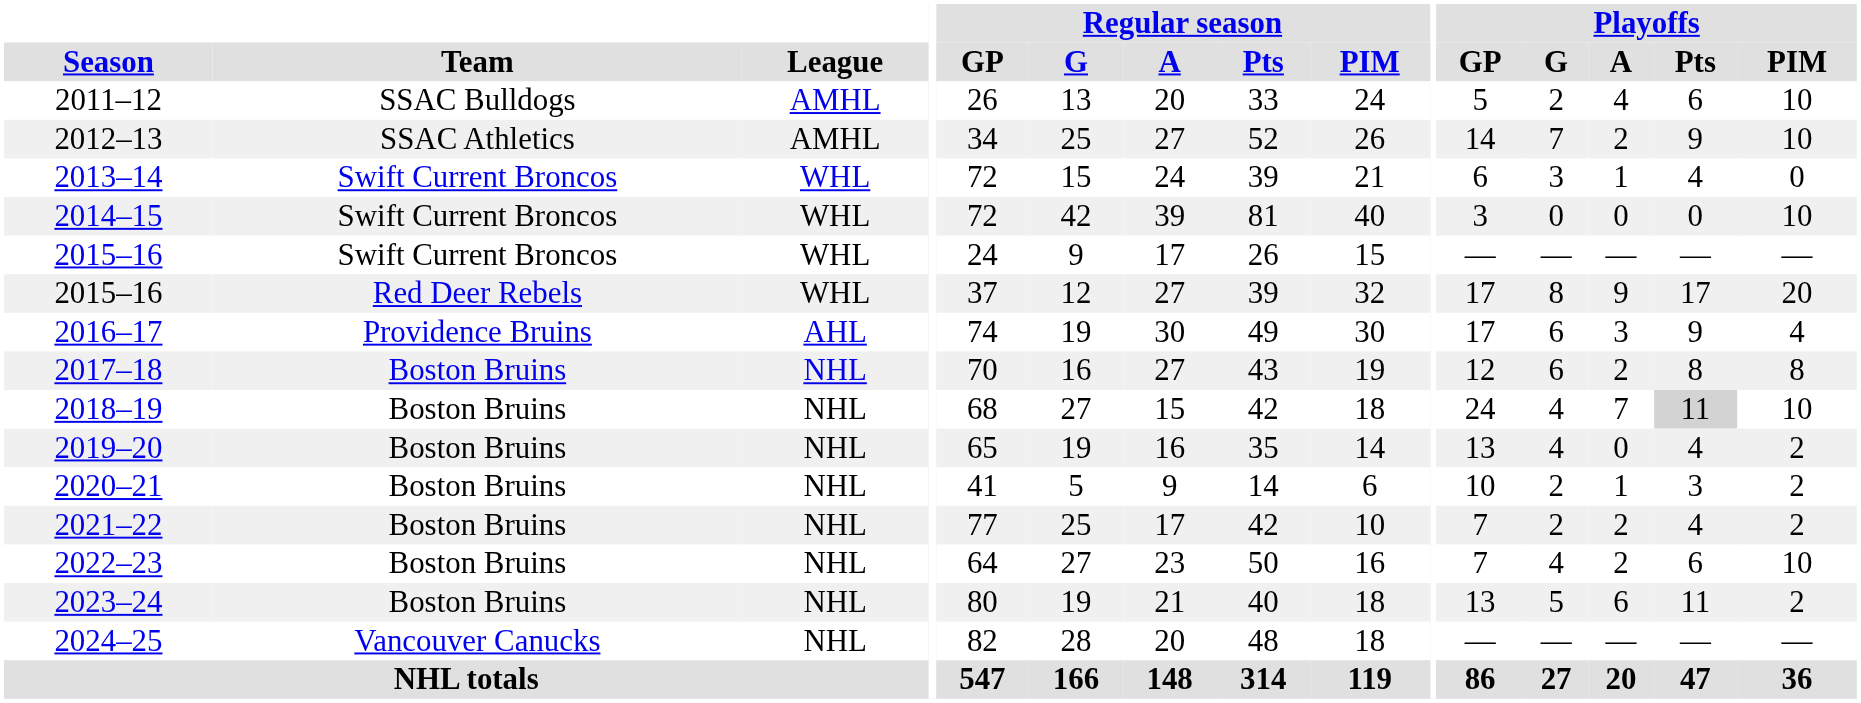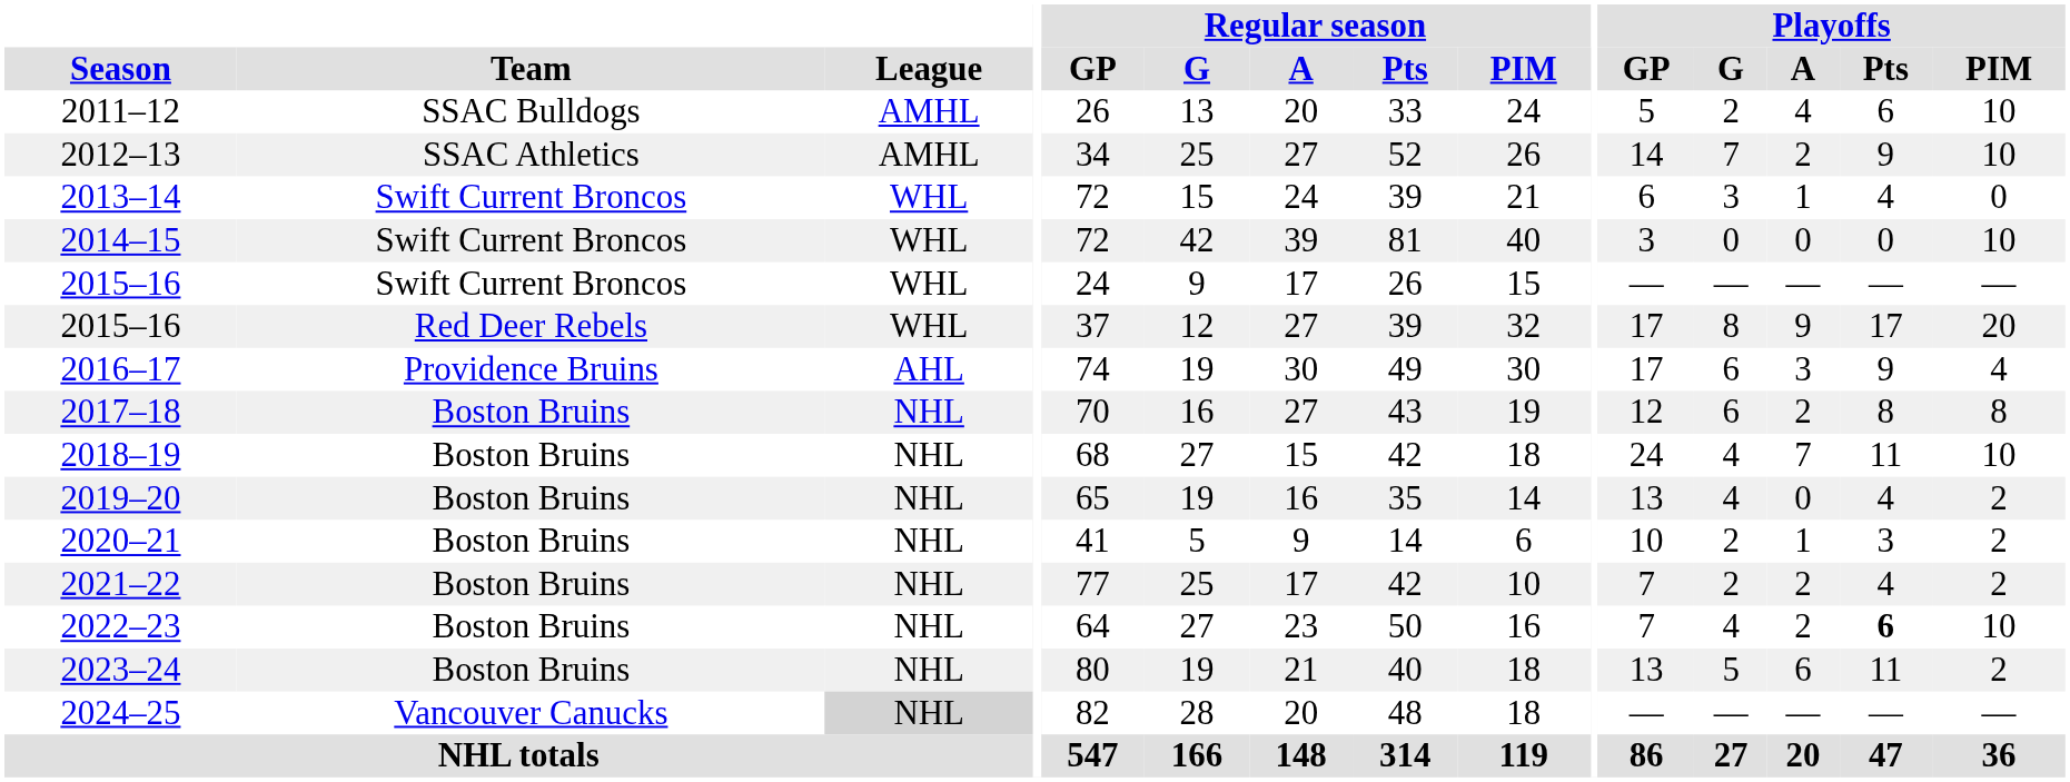 <table border="0" cellpadding="1" cellspacing="0" style="text-align:center; width:60em">
 <tr bgcolor="#e0e0e0">
 <th colspan="3" bgcolor="#ffffff"></th>
 <th rowspan="107" bgcolor="#ffffff"></th>
 <th colspan="5"><a href='#'>Regular season</a></th>
 <th rowspan="107" bgcolor="#ffffff"></th>
 <th colspan="5"><a href='#'>Playoffs</a></th>
 </tr>
 <tr bgcolor="#e0e0e0">
 <th><a href='#'>Season</a></th>
 <th>Team</th>
 <th>League</th>
 <th>GP</th>
 <th><a href='#'>G</a></th>
 <th><a href='#'>A</a></th>
 <th><a href='#'>Pts</a></th>
 <th><a href='#'>PIM</a></th>
 <th>GP</th>
 <th>G</th>
 <th>A</th>
 <th>Pts</th>
 <th>PIM</th>
 </tr>
 <tr>
 <td>2011–12</td>
 <td>SSAC Bulldogs</td>
 <td><a href='#'>AMHL</a></td>
 <td>26</td>
 <td>13</td>
 <td>20</td>
 <td>33</td>
 <td>24</td>
 <td>5</td>
 <td>2</td>
 <td>4</td>
 <td>6</td>
 <td>10</td>
 </tr>
 <tr bgcolor="#f0f0f0">
 <td>2012–13</td>
 <td>SSAC Athletics</td>
 <td>AMHL</td>
 <td>34</td>
 <td>25</td>
 <td>27</td>
 <td>52</td>
 <td>26</td>
 <td>14</td>
 <td>7</td>
 <td>2</td>
 <td>9</td>
 <td>10</td>
 </tr>
 <tr>
 <td><a href='#'>2013–14</a></td>
 <td><a href='#'>Swift Current Broncos</a></td>
 <td><a href='#'>WHL</a></td>
 <td>72</td>
 <td>15</td>
 <td>24</td>
 <td>39</td>
 <td>21</td>
 <td>6</td>
 <td>3</td>
 <td>1</td>
 <td>4</td>
 <td>0</td>
 </tr>
 <tr bgcolor="#f0f0f0">
 <td><a href='#'>2014–15</a></td>
 <td>Swift Current Broncos</td>
 <td>WHL</td>
 <td>72</td>
 <td>42</td>
 <td>39</td>
 <td>81</td>
 <td>40</td>
 <td>3</td>
 <td>0</td>
 <td>0</td>
 <td>0</td>
 <td>10</td>
 </tr>
 <tr>
 <td><a href='#'>2015–16</a></td>
 <td>Swift Current Broncos</td>
 <td>WHL</td>
 <td>24</td>
 <td>9</td>
 <td>17</td>
 <td>26</td>
 <td>15</td>
 <td>—</td>
 <td>—</td>
 <td>—</td>
 <td>—</td>
 <td>—</td>
 </tr>
 <tr bgcolor="#f0f0f0">
 <td>2015–16</td>
 <td><a href='#'>Red Deer Rebels</a></td>
 <td>WHL</td>
 <td>37</td>
 <td>12</td>
 <td>27</td>
 <td>39</td>
 <td>32</td>
 <td>17</td>
 <td>8</td>
 <td>9</td>
 <td>17</td>
 <td>20</td>
 </tr>
 <tr>
 <td><a href='#'>2016–17</a></td>
 <td><a href='#'>Providence Bruins</a></td>
 <td><a href='#'>AHL</a></td>
 <td>74</td>
 <td>19</td>
 <td>30</td>
 <td>49</td>
 <td>30</td>
 <td>17</td>
 <td>6</td>
 <td>3</td>
 <td>9</td>
 <td>4</td>
 </tr>
 <tr bgcolor="#f0f0f0">
 <td><a href='#'>2017–18</a></td>
 <td><a href='#'>Boston Bruins</a></td>
 <td><a href='#'>NHL</a></td>
 <td>70</td>
 <td>16</td>
 <td>27</td>
 <td>43</td>
 <td>19</td>
 <td>12</td>
 <td>6</td>
 <td>2</td>
 <td>8</td>
 <td>8</td>
 </tr>
 <tr>
 <td><a href='#'>2018–19</a></td>
 <td>Boston Bruins</td>
 <td>NHL</td>
 <td>68</td>
 <td>27</td>
 <td>15</td>
 <td>42</td>
 <td>18</td>
 <td>24</td>
 <td>4</td>
 <td>7</td>
-<td style="background: lightgrey;">11</td>
+<td>11</td>
 <td>10</td>
 </tr>
 <tr bgcolor="#f0f0f0">
 <td><a href='#'>2019–20</a></td>
 <td>Boston Bruins</td>
 <td>NHL</td>
 <td>65</td>
 <td>19</td>
 <td>16</td>
 <td>35</td>
 <td>14</td>
 <td>13</td>
 <td>4</td>
 <td>0</td>
 <td>4</td>
 <td>2</td>
 </tr>
 <tr>
 <td><a href='#'>2020–21</a></td>
 <td>Boston Bruins</td>
 <td>NHL</td>
 <td>41</td>
 <td>5</td>
 <td>9</td>
 <td>14</td>
 <td>6</td>
 <td>10</td>
 <td>2</td>
 <td>1</td>
 <td>3</td>
 <td>2</td>
 </tr>
 <tr bgcolor="#f0f0f0">
 <td><a href='#'>2021–22</a></td>
 <td>Boston Bruins</td>
 <td>NHL</td>
 <td>77</td>
 <td>25</td>
 <td>17</td>
 <td>42</td>
 <td>10</td>
 <td>7</td>
 <td>2</td>
 <td>2</td>
 <td>4</td>
 <td>2</td>
 </tr>
 <tr>
 <td><a href='#'>2022–23</a></td>
 <td>Boston Bruins</td>
 <td>NHL</td>
 <td>64</td>
 <td>27</td>
 <td>23</td>
 <td>50</td>
 <td>16</td>
 <td>7</td>
 <td>4</td>
 <td>2</td>
-<td>6</td>
+<td><strong>6</strong></td>
 <td>10</td>
 </tr>
 <tr bgcolor="#f0f0f0">
 <td><a href='#'>2023–24</a></td>
 <td>Boston Bruins</td>
 <td>NHL</td>
 <td>80</td>
 <td>19</td>
 <td>21</td>
 <td>40</td>
 <td>18</td>
 <td>13</td>
 <td>5</td>
 <td>6</td>
 <td>11</td>
 <td>2</td>
 </tr>
 <tr>
 <td><a href='#'>2024–25</a></td>
 <td><a href='#'>Vancouver Canucks</a></td>
-<td>NHL</td>
+<td style="background: lightgrey;">NHL</td>
 <td>82</td>
 <td>28</td>
 <td>20</td>
 <td>48</td>
 <td>18</td>
 <td>—</td>
 <td>—</td>
 <td>—</td>
 <td>—</td>
 <td>—</td>
 </tr>
 <tr bgcolor="#e0e0e0">
 <th colspan="3">NHL totals</th>
 <th>547</th>
 <th>166</th>
 <th>148</th>
 <th>314</th>
 <th>119</th>
 <th>86</th>
 <th>27</th>
 <th>20</th>
 <th>47</th>
 <th>36</th>
 </tr>
 </table>
